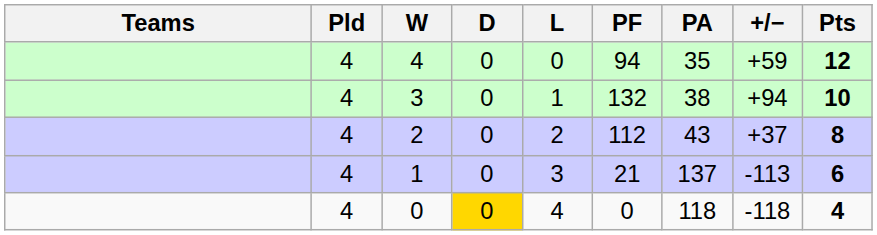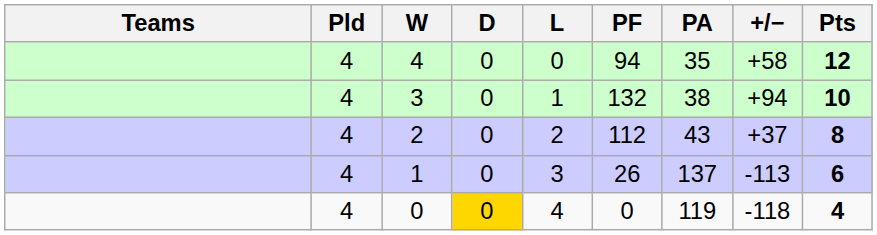 <table class="wikitable" style="text-align: center;">
 <tr>
 <th width="200">Teams</th>
 <th width="40">Pld</th>
 <th width="40">W</th>
 <th width="40">D</th>
 <th width="40">L</th>
 <th width="40">PF</th>
 <th width="40">PA</th>
 <th width="40">+/−</th>
 <th width="40">Pts</th>
 </tr>
 <tr bgcolor=ccffcc>
 <td align=left></td>
 <td>4</td>
 <td>4</td>
 <td>0</td>
 <td>0</td>
 <td>94</td>
 <td>35</td>
-<td>+59</td>
+<td>+58</td>
 <td><strong>12</strong></td>
 </tr>
 <tr bgcolor=ccffcc>
 <td align=left></td>
 <td>4</td>
 <td>3</td>
 <td>0</td>
 <td>1</td>
 <td>132</td>
 <td>38</td>
 <td>+94</td>
 <td><strong>10</strong></td>
 </tr>
 <tr bgcolor=ccccff>
 <td align=left></td>
 <td>4</td>
 <td>2</td>
 <td>0</td>
 <td>2</td>
 <td>112</td>
 <td>43</td>
 <td>+37</td>
 <td><strong>8</strong></td>
 </tr>
 <tr bgcolor=ccccff>
 <td align=left></td>
 <td>4</td>
 <td>1</td>
 <td>0</td>
 <td>3</td>
-<td>21</td>
+<td>26</td>
 <td>137</td>
 <td>-113</td>
 <td><strong>6</strong></td>
 </tr>
 <tr>
 <td align=left></td>
 <td>4</td>
 <td>0</td>
 <td style="background: gold;">0</td>
 <td>4</td>
 <td>0</td>
-<td>118</td>
+<td>119</td>
 <td>-118</td>
 <td><strong>4</strong></td>
 </tr>
 </table>
